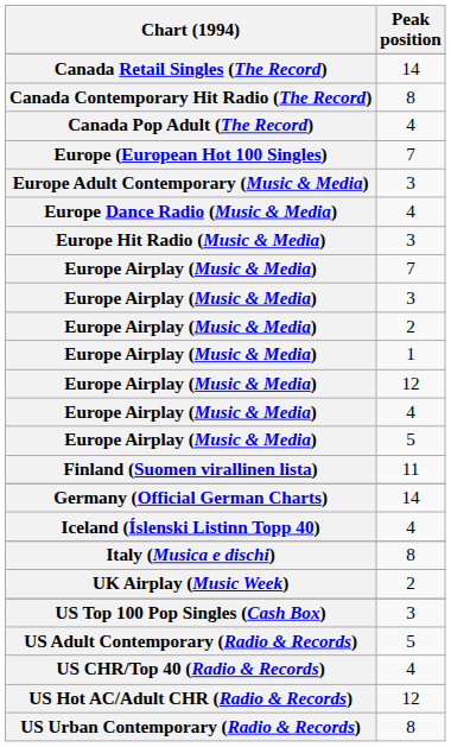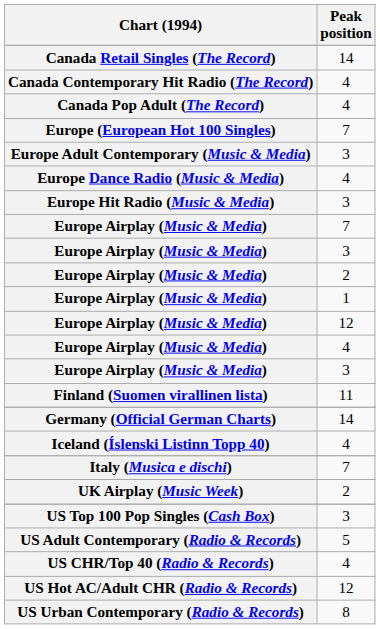 <table class="wikitable sortable plainrowheaders" style="text-align:center">
 <tr>
 <th>Chart (1994)</th>
 <th>Peak<br>position</th>
 </tr>
 <tr>
 </tr>
 <tr>
 </tr>
 <tr>
 </tr>
 <tr>
 <th scope="row">Canada <a href='#'>Retail Singles</a> (<em><a href='#'>The Record</a></em>)</th>
 <td>14</td>
 </tr>
 <tr>
 <th scope="row">Canada Contemporary Hit Radio (<em><a href='#'>The Record</a></em>)</th>
-<td>8</td>
+<td>4</td>
 </tr>
 <tr>
 <th scope="row">Canada Pop Adult (<em><a href='#'>The Record</a></em>)</th>
 <td>4</td>
 </tr>
 <tr>
 </tr>
 <tr>
 </tr>
 <tr>
 <th scope="row">Europe (<a href='#'>European Hot 100 Singles</a>)</th>
 <td>7</td>
 </tr>
 <tr>
 <th scope="row">Europe Adult Contemporary (<em><a href='#'>Music & Media</a></em>)</th>
 <td>3</td>
 </tr>
 <tr>
 <th scope="row">Europe <a href='#'>Dance Radio</a> (<em><a href='#'>Music & Media</a></em>)</th>
 <td>4</td>
 </tr>
 <tr>
 <th scope="row">Europe Hit Radio (<em><a href='#'>Music & Media</a></em>)</th>
 <td>3</td>
 </tr>
 <tr>
 <th scope="row">Europe  Airplay (<em><a href='#'>Music & Media</a></em>)</th>
 <td>7</td>
 </tr>
 <tr>
 <th scope="row">Europe  Airplay (<em><a href='#'>Music & Media</a></em>)</th>
 <td>3</td>
 </tr>
 <tr>
 <th scope="row">Europe  Airplay (<em><a href='#'>Music & Media</a></em>)</th>
 <td>2</td>
 </tr>
 <tr>
 <th scope="row">Europe  Airplay (<em><a href='#'>Music & Media</a></em>)</th>
 <td>1</td>
 </tr>
 <tr>
 <th scope="row">Europe  Airplay (<em><a href='#'>Music & Media</a></em>)</th>
 <td>12</td>
 </tr>
 <tr>
 <th scope="row">Europe  Airplay (<em><a href='#'>Music & Media</a></em>)</th>
 <td>4</td>
 </tr>
 <tr>
 <th scope="row">Europe  Airplay (<em><a href='#'>Music & Media</a></em>)</th>
-<td>5</td>
+<td>3</td>
 </tr>
 <tr>
 <th scope="row">Finland (<a href='#'>Suomen virallinen lista</a>)</th>
 <td>11</td>
 </tr>
 <tr>
 </tr>
 <tr>
 <th scope="row">Germany (<a href='#'>Official German Charts</a>)</th>
 <td>14</td>
 </tr>
 <tr>
 <th scope="row">Iceland (<a href='#'>Íslenski Listinn Topp 40</a>)</th>
 <td>4</td>
 </tr>
 <tr>
 </tr>
 <tr>
 <th scope="row">Italy (<em><a href='#'>Musica e dischi</a></em>)</th>
-<td>8</td>
+<td>7</td>
 </tr>
 <tr>
 </tr>
 <tr>
 </tr>
 <tr>
 </tr>
 <tr>
 </tr>
 <tr>
 </tr>
 <tr>
 </tr>
 <tr>
 </tr>
 <tr>
 </tr>
 <tr>
 </tr>
 <tr>
 <th scope="row">UK Airplay (<em><a href='#'>Music Week</a></em>)</th>
 <td>2</td>
 </tr>
 <tr>
 </tr>
 <tr>
 </tr>
 <tr>
 </tr>
 <tr>
 </tr>
 <tr>
 </tr>
 <tr>
 </tr>
 <tr>
 <th scope="row">US Top 100 Pop Singles (<em><a href='#'>Cash Box</a></em>)</th>
 <td>3</td>
 </tr>
 <tr>
 <th scope="row">US Adult Contemporary (<em><a href='#'>Radio & Records</a></em>)</th>
 <td>5</td>
 </tr>
 <tr>
 <th scope="row">US CHR/Top 40 (<em><a href='#'>Radio & Records</a></em>)</th>
 <td>4</td>
 </tr>
 <tr>
 <th scope="row">US Hot AC/Adult CHR (<em><a href='#'>Radio & Records</a></em>)</th>
 <td>12</td>
 </tr>
 <tr>
 <th scope="row">US Urban Contemporary (<em><a href='#'>Radio & Records</a></em>)</th>
 <td>8</td>
 </tr>
 </table>
